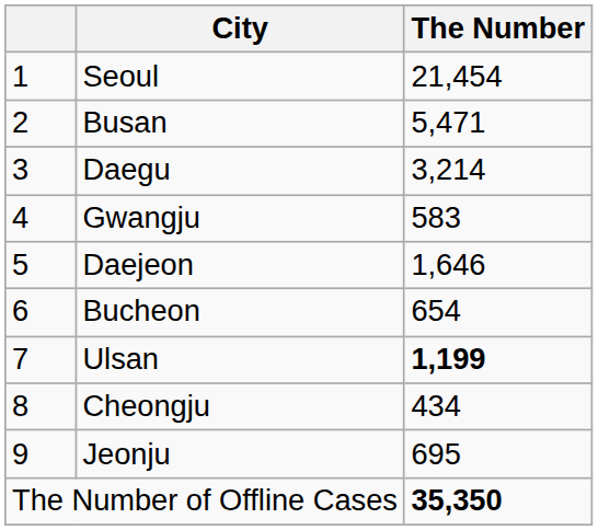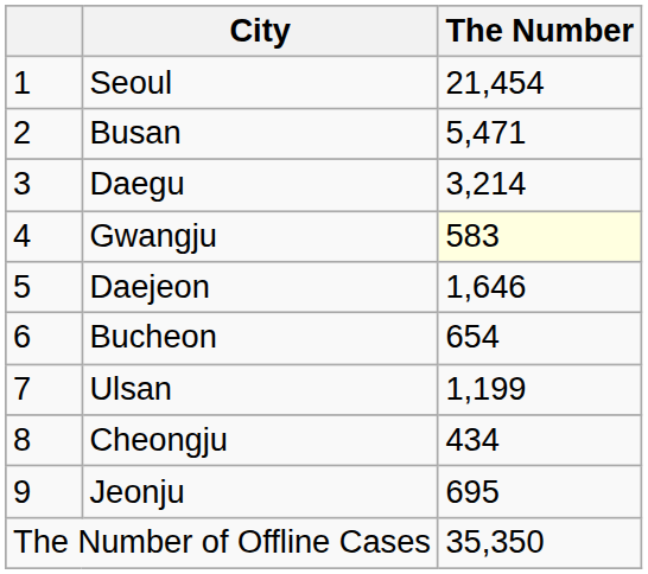 <table class="wikitable">
 <tr>
 <th></th>
 <th>City</th>
 <th>The Number</th>
 </tr>
 <tr>
 <td>1</td>
 <td>Seoul</td>
 <td>21,454</td>
 </tr>
 <tr>
 <td>2</td>
 <td>Busan</td>
 <td>5,471</td>
 </tr>
 <tr>
 <td>3</td>
 <td>Daegu</td>
 <td>3,214</td>
 </tr>
 <tr>
 <td>4</td>
 <td>Gwangju</td>
-<td>583</td>
+<td style="background: lightyellow;">583</td>
 </tr>
 <tr>
 <td>5</td>
 <td>Daejeon</td>
 <td>1,646</td>
 </tr>
 <tr>
 <td>6</td>
 <td>Bucheon</td>
 <td>654</td>
 </tr>
 <tr>
 <td>7</td>
 <td>Ulsan</td>
-<td><strong>1,199</strong></td>
+<td>1,199</td>
 </tr>
 <tr>
 <td>8</td>
 <td>Cheongju</td>
 <td>434</td>
 </tr>
 <tr>
 <td>9</td>
 <td>Jeonju</td>
 <td>695</td>
 </tr>
 <tr>
 <td colspan="2">The Number of Offline Cases</td>
-<td><strong>35,350</strong></td>
+<td>35,350</td>
 </tr>
 </table>
